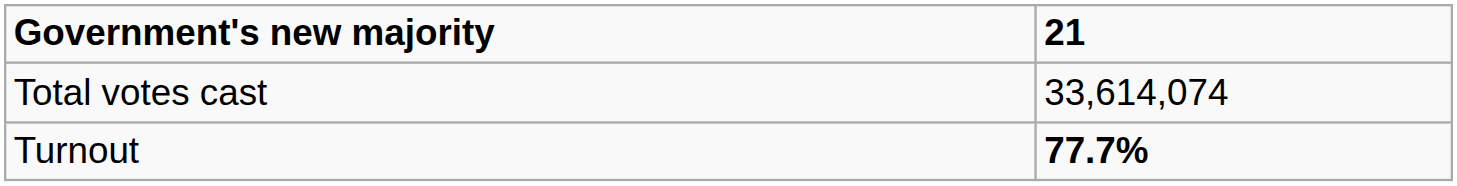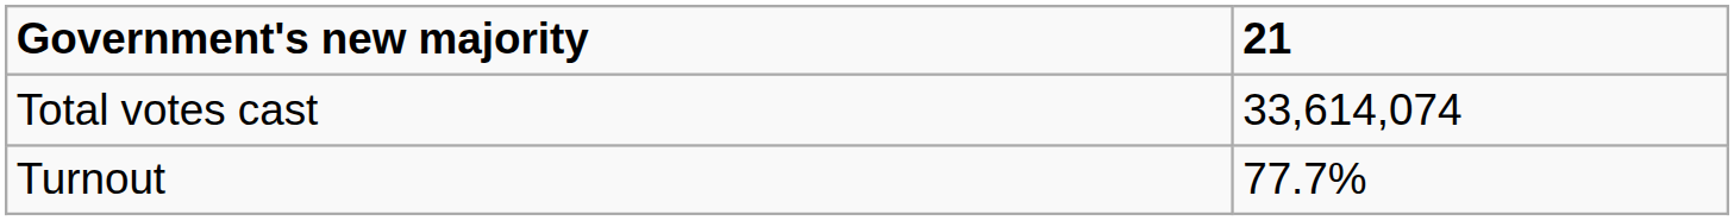 <table class="wikitable" style="width:630px">
 <tr>
 <td><strong>Government's new majority</strong></td>
 <td><strong>21</strong></td>
 </tr>
 <tr>
 <td>Total votes cast</td>
 <td>33,614,074</td>
 </tr>
 <tr>
 <td>Turnout</td>
-<td><strong>77.7%</strong></td>
+<td>77.7%</td>
 </tr>
 </table>
